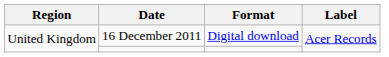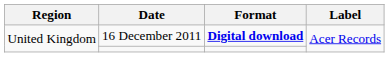 <table class="wikitable">
 <tr>
 <th>Region</th>
 <th>Date</th>
 <th>Format</th>
 <th>Label</th>
 </tr>
 <tr>
 <td rowspan=2>United Kingdom</td>
 <td>16 December 2011 </td>
-<td><a href='#'>Digital download</a></td>
+<td><strong><a href='#'>Digital download</a></strong></td>
 <td rowspan=2><a href='#'>Acer Records</a></td>
 </tr>
 <tr>
 <td></td>
 </tr>
 </table>
